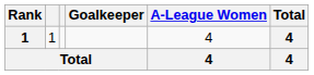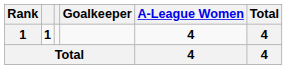 <table class="wikitable" style="text-align:center">
 <tr>
 <th>Rank</th>
 <th></th>
 <th></th>
 <th>Goalkeeper</th>
 <th><a href='#'>A-League Women</a></th>
 <th>Total</th>
 </tr>
 <tr>
 <th>1</th>
-<td>1</td>
+<td><strong>1</strong></td>
 <td></td>
 <td align="left"></td>
-<td>4</td>
+<td><strong>4</strong></td>
 <th>4</th>
 </tr>
 <tr>
 <th colspan="4">Total</th>
 <th>4</th>
 <th>4</th>
 </tr>
 </table>
